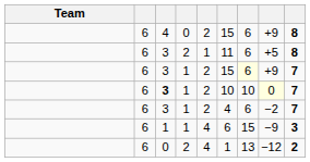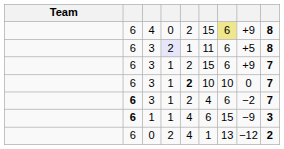 <table class="wikitable" style="text-align:center">
 <tr>
 <th width=165>Team</th>
 <th width=20></th>
 <th width=20></th>
 <th width=20></th>
 <th width=20></th>
 <th width=20></th>
 <th width=20></th>
 <th width=20></th>
 <th width=20></th>
 </tr>
 <tr>
 <td align=left></td>
 <td>6</td>
 <td>4</td>
 <td>0</td>
 <td>2</td>
 <td>15</td>
-<td>6</td>
+<td style="background: khaki;">6</td>
 <td>+9</td>
 <td><strong>8</strong></td>
 </tr>
 <tr>
 <td align=left></td>
 <td>6</td>
 <td>3</td>
-<td>2</td>
+<td style="background: lavender;">2</td>
 <td>1</td>
 <td>11</td>
 <td>6</td>
 <td>+5</td>
 <td><strong>8</strong></td>
 </tr>
 <tr>
 <td align=left></td>
 <td>6</td>
 <td>3</td>
 <td>1</td>
 <td>2</td>
 <td>15</td>
-<td style="background: lightyellow;">6</td>
+<td>6</td>
 <td>+9</td>
 <td><strong>7</strong></td>
 </tr>
 <tr>
 <td align=left></td>
 <td>6</td>
-<td><strong>3</strong></td>
+<td>3</td>
 <td>1</td>
-<td>2</td>
+<td><strong>2</strong></td>
 <td>10</td>
 <td>10</td>
-<td style="background: lightyellow;">0</td>
+<td>0</td>
 <td><strong>7</strong></td>
 </tr>
 <tr>
 <td align=left></td>
-<td>6</td>
+<td><strong>6</strong></td>
 <td>3</td>
 <td>1</td>
 <td>2</td>
 <td>4</td>
 <td>6</td>
 <td>−2</td>
 <td><strong>7</strong></td>
 </tr>
 <tr>
 <td align=left></td>
-<td>6</td>
+<td><strong>6</strong></td>
 <td>1</td>
 <td>1</td>
 <td>4</td>
 <td>6</td>
 <td>15</td>
 <td>−9</td>
 <td><strong>3</strong></td>
 </tr>
 <tr>
 <td align=left></td>
 <td>6</td>
 <td>0</td>
 <td>2</td>
 <td>4</td>
 <td>1</td>
 <td>13</td>
 <td>−12</td>
 <td><strong>2</strong></td>
 </tr>
 </table>
